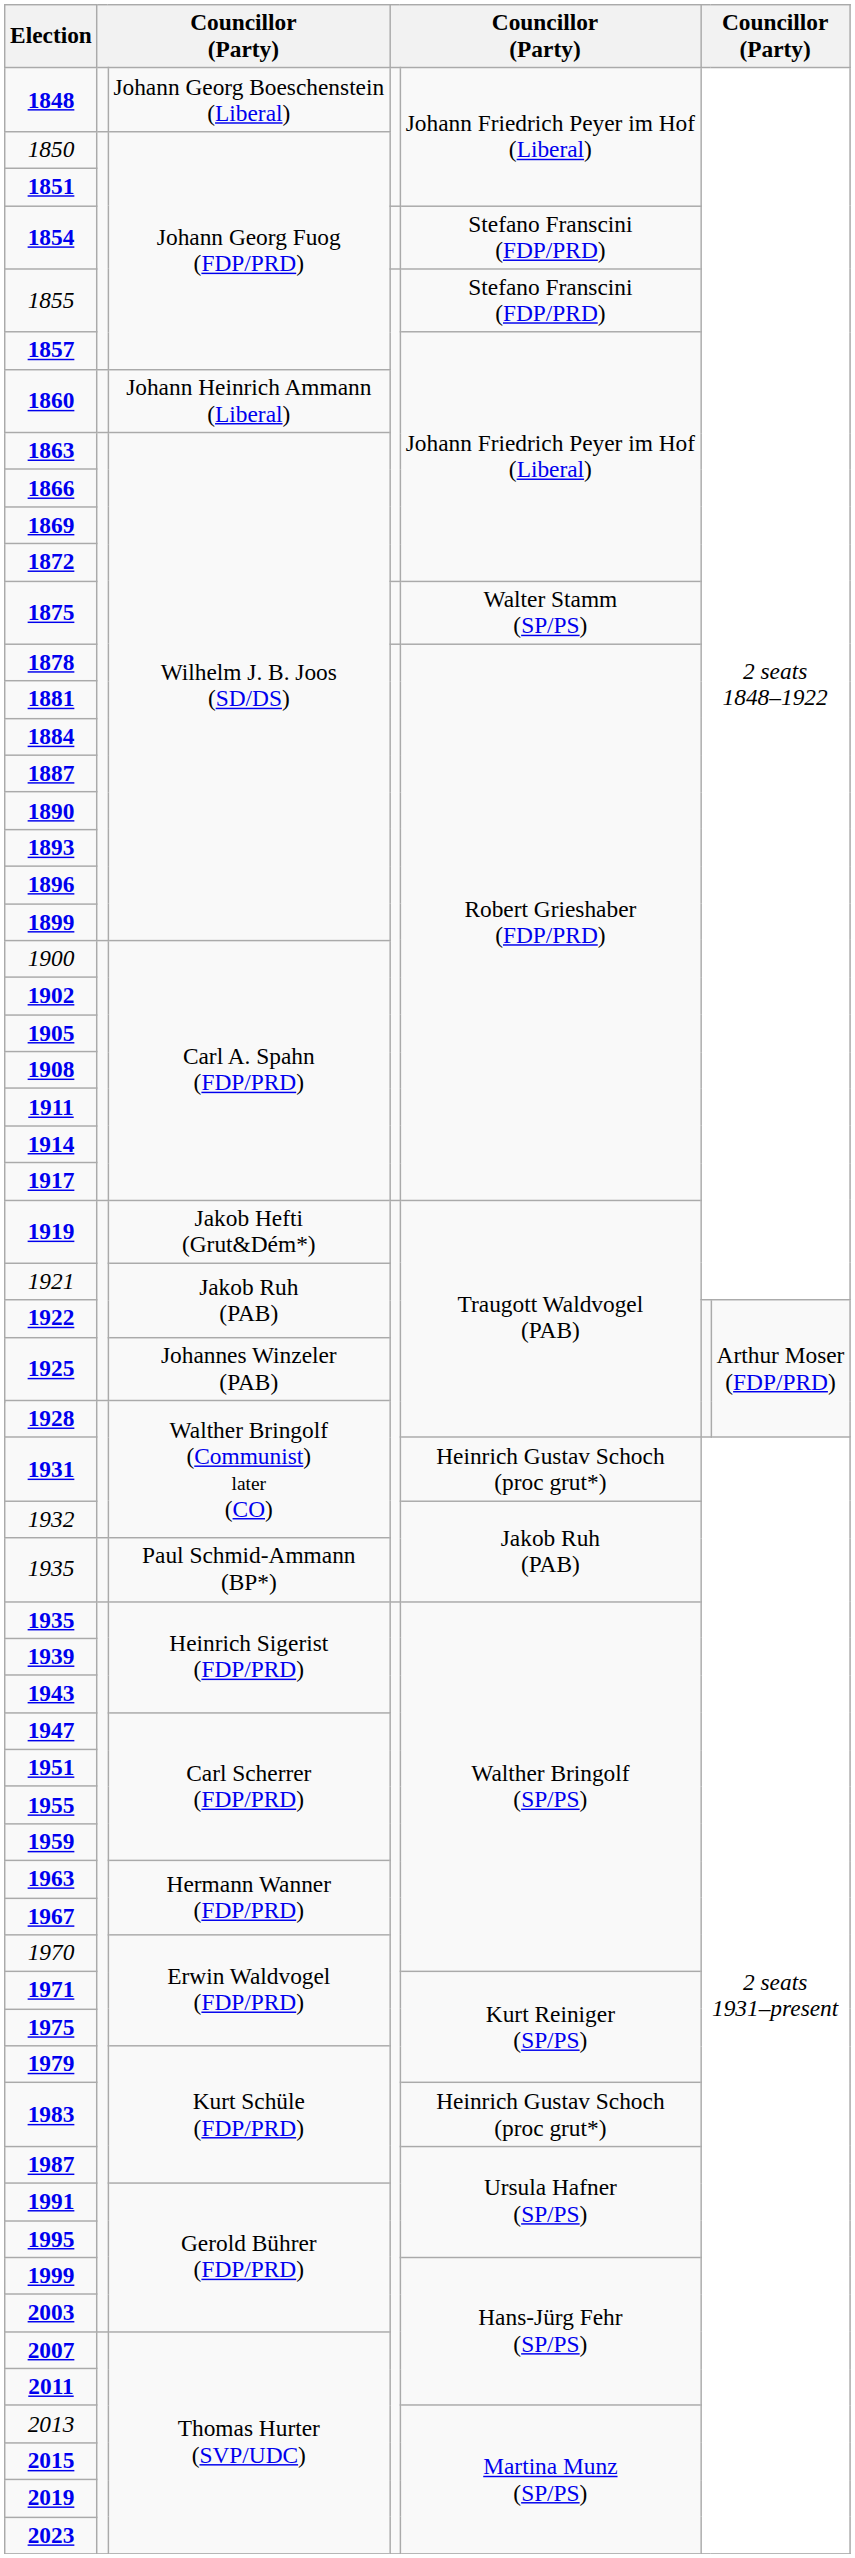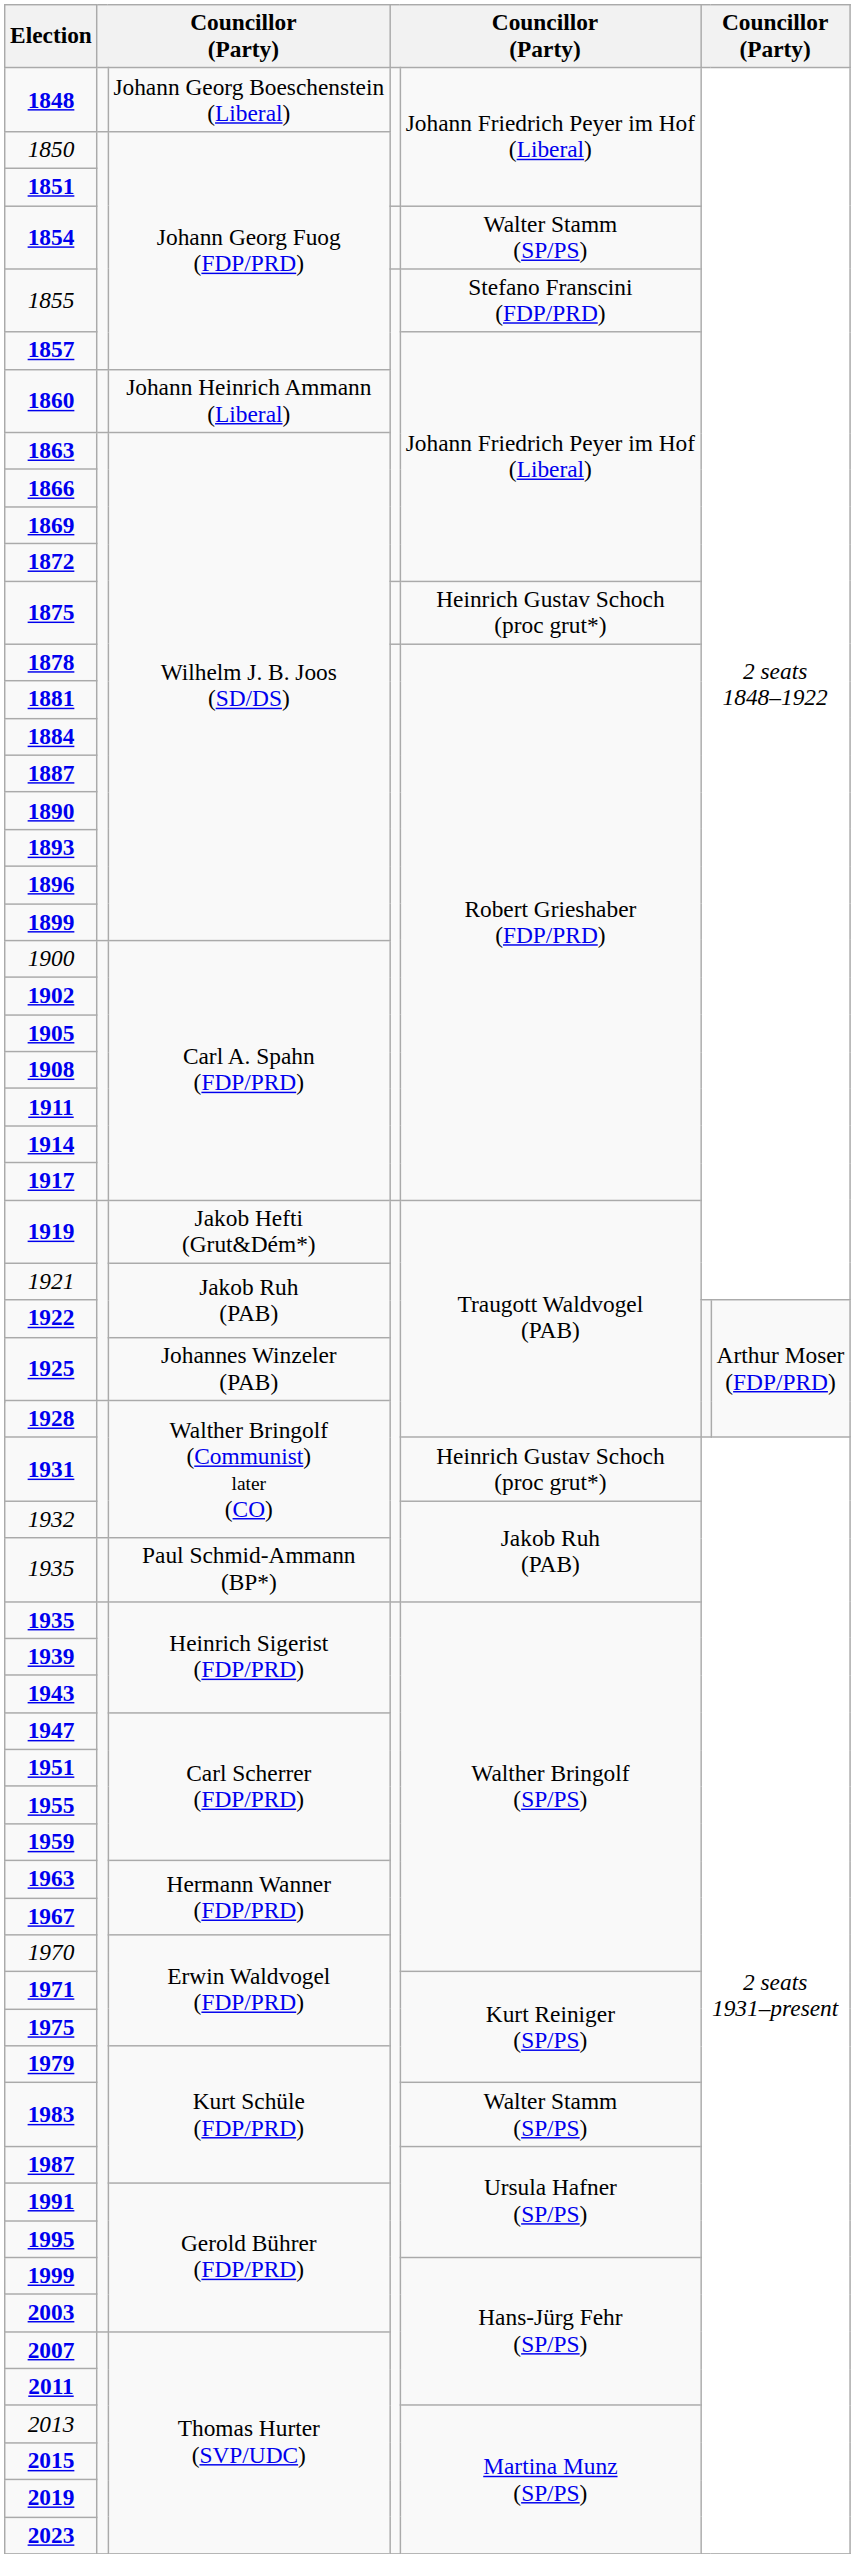 <table class="wikitable" style="text-align:center">
 <tr>
 <th>Election</th>
 <th colspan=2>Councillor<br>(Party)</th>
 <th colspan=2>Councillor<br>(Party)</th>
 <th colspan=2>Councillor<br>(Party)</th>
 </tr>
 <tr>
 <td><strong><a href='#'>1848</a></strong></td>
 <td rowspan=1; style="background-color: "></td>
 <td rowspan=1>Johann Georg Boeschenstein<br>(<a href='#'>Liberal</a>)</td>
 <td rowspan=3; style="background-color: "></td>
 <td rowspan=3>Johann Friedrich Peyer im Hof<br>(<a href='#'>Liberal</a>)</td>
 <td style="background-color:#FFFFFF" colspan=2 rowspan=29><em>2 seats<br>1848–1922</em></td>
 </tr>
 <tr>
 <td><em>1850</em></td>
 <td rowspan=5; style="background-color: "></td>
 <td rowspan=5>Johann Georg Fuog<br>(<a href='#'>FDP/PRD</a>)</td>
 </tr>
 <tr>
 <td><strong><a href='#'>1851</a></strong></td>
 </tr>
 <tr>
 <td><strong><a href='#'>1854</a></strong></td>
 <td rowspan=1; style="background-color: "></td>
-<td rowspan=1>Stefano Franscini<br>(<a href='#'>FDP/PRD</a>)</td>
+<td rowspan=1>Walter Stamm<br>(<a href='#'>SP/PS</a>)</td>
 </tr>
 <tr>
 <td><em>1855</em></td>
 <td rowspan=7; style="background-color: "></td>
 <td rowspan=1>Stefano Franscini<br>(<a href='#'>FDP/PRD</a>)</td>
 </tr>
 <tr>
 <td><strong><a href='#'>1857</a></strong></td>
 <td rowspan=6>Johann Friedrich Peyer im Hof<br>(<a href='#'>Liberal</a>)</td>
 </tr>
 <tr>
 <td><strong><a href='#'>1860</a></strong></td>
 <td rowspan=1; style="background-color: "></td>
 <td rowspan=1>Johann Heinrich Ammann<br>(<a href='#'>Liberal</a>)</td>
 </tr>
 <tr>
 <td><strong><a href='#'>1863</a></strong></td>
 <td rowspan=13; style="background-color: "></td>
 <td rowspan=13>Wilhelm J. B. Joos<br>(<a href='#'>SD/DS</a>)</td>
 </tr>
 <tr>
 <td><strong><a href='#'>1866</a></strong></td>
 </tr>
 <tr>
 <td><strong><a href='#'>1869</a></strong></td>
 </tr>
 <tr>
 <td><strong><a href='#'>1872</a></strong></td>
 </tr>
 <tr>
 <td><strong><a href='#'>1875</a></strong></td>
 <td rowspan=1; style="background-color: "></td>
-<td rowspan=1>Walter Stamm<br>(<a href='#'>SP/PS</a>)</td>
+<td rowspan=1>Heinrich Gustav Schoch<br>(proc grut*)</td>
 </tr>
 <tr>
 <td><strong><a href='#'>1878</a></strong></td>
 <td rowspan=15; style="background-color: "></td>
 <td rowspan=15>Robert Grieshaber<br>(<a href='#'>FDP/PRD</a>)</td>
 </tr>
 <tr>
 <td><strong><a href='#'>1881</a></strong></td>
 </tr>
 <tr>
 <td><strong><a href='#'>1884</a></strong></td>
 </tr>
 <tr>
 <td><strong><a href='#'>1887</a></strong></td>
 </tr>
 <tr>
 <td><strong><a href='#'>1890</a></strong></td>
 </tr>
 <tr>
 <td><strong><a href='#'>1893</a></strong></td>
 </tr>
 <tr>
 <td><strong><a href='#'>1896</a></strong></td>
 </tr>
 <tr>
 <td><strong><a href='#'>1899</a></strong></td>
 </tr>
 <tr>
 <td><em>1900</em></td>
 <td rowspan=7; style="background-color: "></td>
 <td rowspan=7>Carl A. Spahn<br>(<a href='#'>FDP/PRD</a>)</td>
 </tr>
 <tr>
 <td><strong><a href='#'>1902</a></strong></td>
 </tr>
 <tr>
 <td><strong><a href='#'>1905</a></strong></td>
 </tr>
 <tr>
 <td><strong><a href='#'>1908</a></strong></td>
 </tr>
 <tr>
 <td><strong><a href='#'>1911</a></strong></td>
 </tr>
 <tr>
 <td><strong><a href='#'>1914</a></strong></td>
 </tr>
 <tr>
 <td><strong><a href='#'>1917</a></strong></td>
 </tr>
 <tr>
 <td><strong><a href='#'>1919</a></strong></td>
 <td rowspan=4; style="background-color: "></td>
 <td rowspan=1>Jakob Hefti<br>(Grut&Dém*)</td>
 <td rowspan=9; style="background-color: "></td>
 <td rowspan=6>Traugott Waldvogel<br>(PAB)</td>
 </tr>
 <tr>
 <td><em>1921</em></td>
 <td rowspan=2>Jakob Ruh<br>(PAB)</td>
 </tr>
 <tr>
 <td><strong><a href='#'>1922</a></strong></td>
 <td rowspan=4; style="background-color: "></td>
 <td rowspan=4>Arthur Moser<br>(<a href='#'>FDP/PRD</a>)</td>
 </tr>
 <tr>
 <td rowspan=2><strong><a href='#'>1925</a></strong></td>
 <td rowspan=1>Johannes Winzeler<br>(PAB)</td>
 </tr>
 <tr>
 <td rowspan=4; style="background-color: "></td>
 <td rowspan=4>Walther Bringolf<br>(<a href='#'>Communist</a>)<br><small>later</small><br>(<a href='#'>CO</a>)</td>
 </tr>
 <tr>
 <td><strong><a href='#'>1928</a></strong></td>
 </tr>
 <tr>
 <td><strong><a href='#'>1931</a></strong></td>
 <td rowspan=1>Heinrich Gustav Schoch<br>(proc grut*)</td>
 <td style="background-color:#FFFFFF" colspan=2 rowspan=28><em>2 seats<br>1931–present</em></td>
 </tr>
 <tr>
 <td><em>1932</em></td>
 <td rowspan=2>Jakob Ruh<br>(PAB)</td>
 </tr>
 <tr>
 <td><em>1935</em></td>
 <td rowspan=1; style="background-color: "></td>
 <td rowspan=1>Paul Schmid-Ammann<br>(BP*)</td>
 </tr>
 <tr>
 <td><strong><a href='#'>1935</a></strong></td>
 <td rowspan=19; style="background-color: "></td>
 <td rowspan=3>Heinrich Sigerist<br>(<a href='#'>FDP/PRD</a>)</td>
 <td rowspan=25; style="background-color: "></td>
 <td rowspan=10>Walther Bringolf<br>(<a href='#'>SP/PS</a>)</td>
 </tr>
 <tr>
 <td><strong><a href='#'>1939</a></strong></td>
 </tr>
 <tr>
 <td><strong><a href='#'>1943</a></strong></td>
 </tr>
 <tr>
 <td><strong><a href='#'>1947</a></strong></td>
 <td rowspan=4>Carl Scherrer<br>(<a href='#'>FDP/PRD</a>)</td>
 </tr>
 <tr>
 <td><strong><a href='#'>1951</a></strong></td>
 </tr>
 <tr>
 <td><strong><a href='#'>1955</a></strong></td>
 </tr>
 <tr>
 <td><strong><a href='#'>1959</a></strong></td>
 </tr>
 <tr>
 <td><strong><a href='#'>1963</a></strong></td>
 <td rowspan=2>Hermann Wanner<br>(<a href='#'>FDP/PRD</a>)</td>
 </tr>
 <tr>
 <td><strong><a href='#'>1967</a></strong></td>
 </tr>
 <tr>
 <td><em>1970</em></td>
 <td rowspan=3>Erwin Waldvogel<br>(<a href='#'>FDP/PRD</a>)</td>
 </tr>
 <tr>
 <td><strong><a href='#'>1971</a></strong></td>
 <td rowspan=3>Kurt Reiniger<br>(<a href='#'>SP/PS</a>)</td>
 </tr>
 <tr>
 <td><strong><a href='#'>1975</a></strong></td>
 </tr>
 <tr>
 <td><strong><a href='#'>1979</a></strong></td>
 <td rowspan=3>Kurt Schüle<br>(<a href='#'>FDP/PRD</a>)</td>
 </tr>
 <tr>
 <td><strong><a href='#'>1983</a></strong></td>
-<td rowspan=1>Heinrich Gustav Schoch<br>(proc grut*)</td>
+<td rowspan=1>Walter Stamm<br>(<a href='#'>SP/PS</a>)</td>
 </tr>
 <tr>
 <td><strong><a href='#'>1987</a></strong></td>
 <td rowspan=3>Ursula Hafner<br>(<a href='#'>SP/PS</a>)</td>
 </tr>
 <tr>
 <td><strong><a href='#'>1991</a></strong></td>
 <td rowspan=4>Gerold Bührer<br>(<a href='#'>FDP/PRD</a>)</td>
 </tr>
 <tr>
 <td><strong><a href='#'>1995</a></strong></td>
 </tr>
 <tr>
 <td><strong><a href='#'>1999</a></strong></td>
 <td rowspan=4>Hans-Jürg Fehr<br>(<a href='#'>SP/PS</a>)</td>
 </tr>
 <tr>
 <td><strong><a href='#'>2003</a></strong></td>
 </tr>
 <tr>
 <td><strong><a href='#'>2007</a></strong></td>
 <td rowspan=6; style="background-color: "></td>
 <td rowspan=6>Thomas Hurter<br>(<a href='#'>SVP/UDC</a>)</td>
 </tr>
 <tr>
 <td><strong><a href='#'>2011</a></strong></td>
 </tr>
 <tr>
 <td><em>2013</em></td>
 <td rowspan=4><a href='#'>Martina Munz</a><br>(<a href='#'>SP/PS</a>)</td>
 </tr>
 <tr>
 <td><strong><a href='#'>2015</a></strong></td>
 </tr>
 <tr>
 <td><strong><a href='#'>2019</a></strong></td>
 </tr>
 <tr>
 <td><strong><a href='#'>2023</a></strong></td>
 </tr>
 </table>
